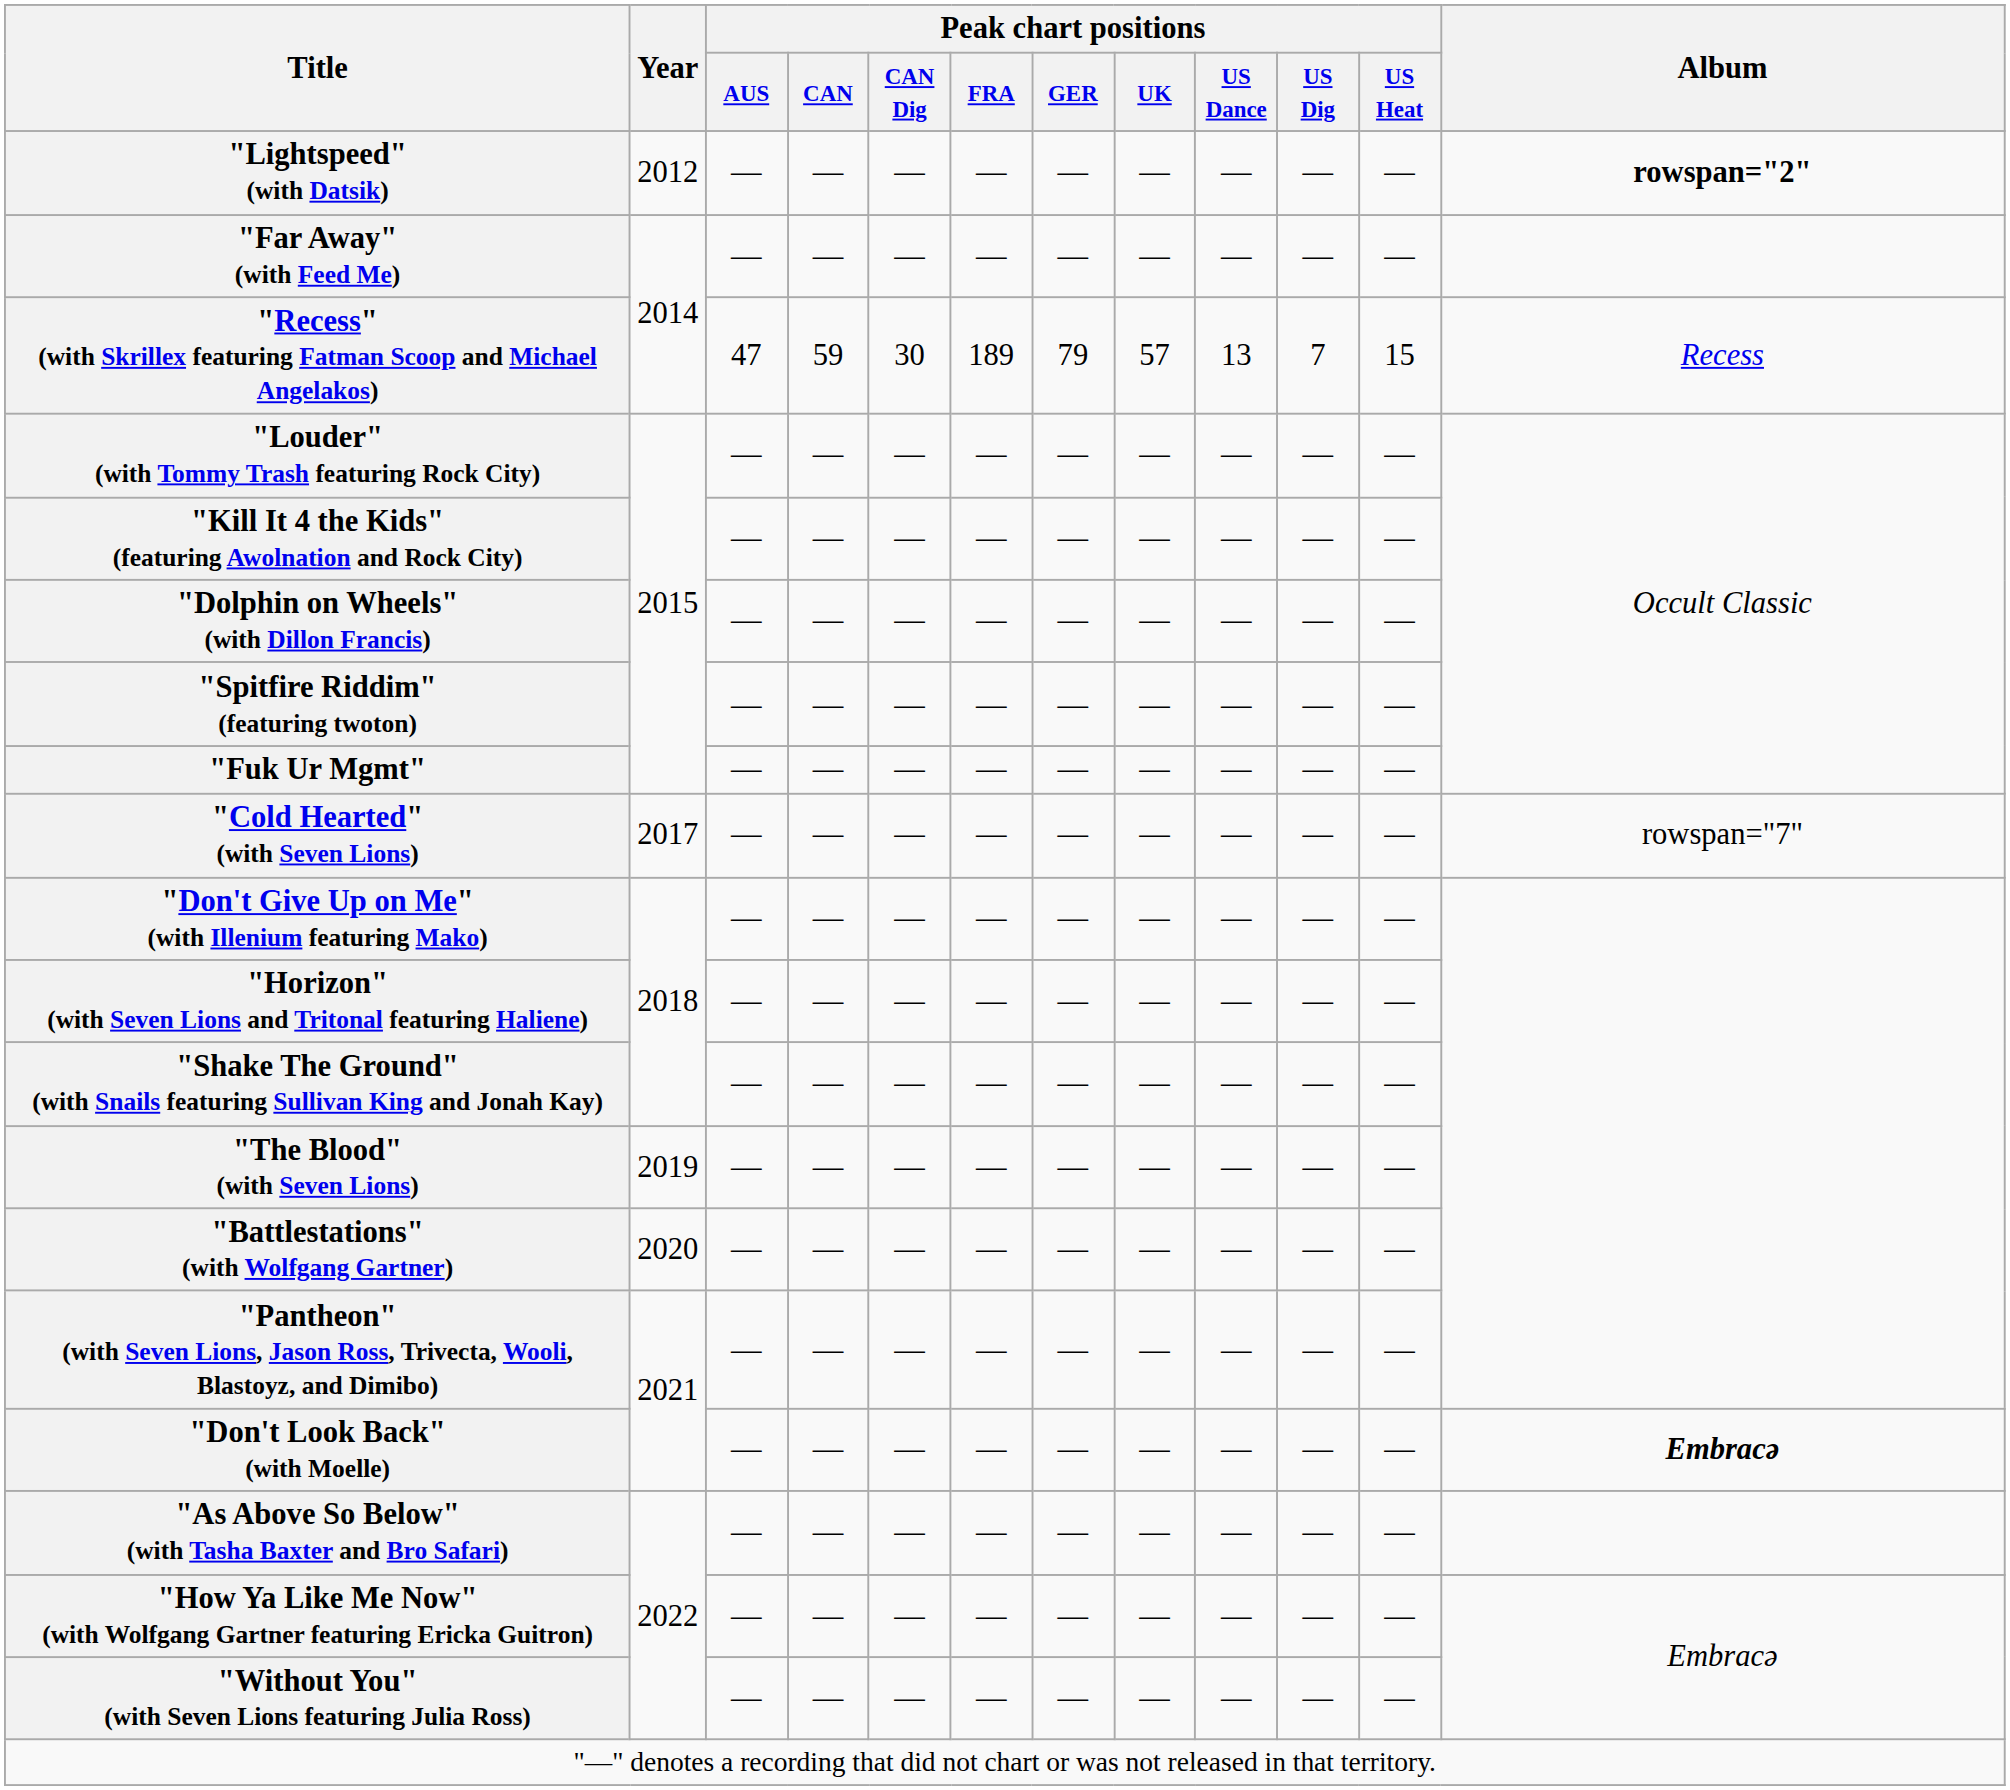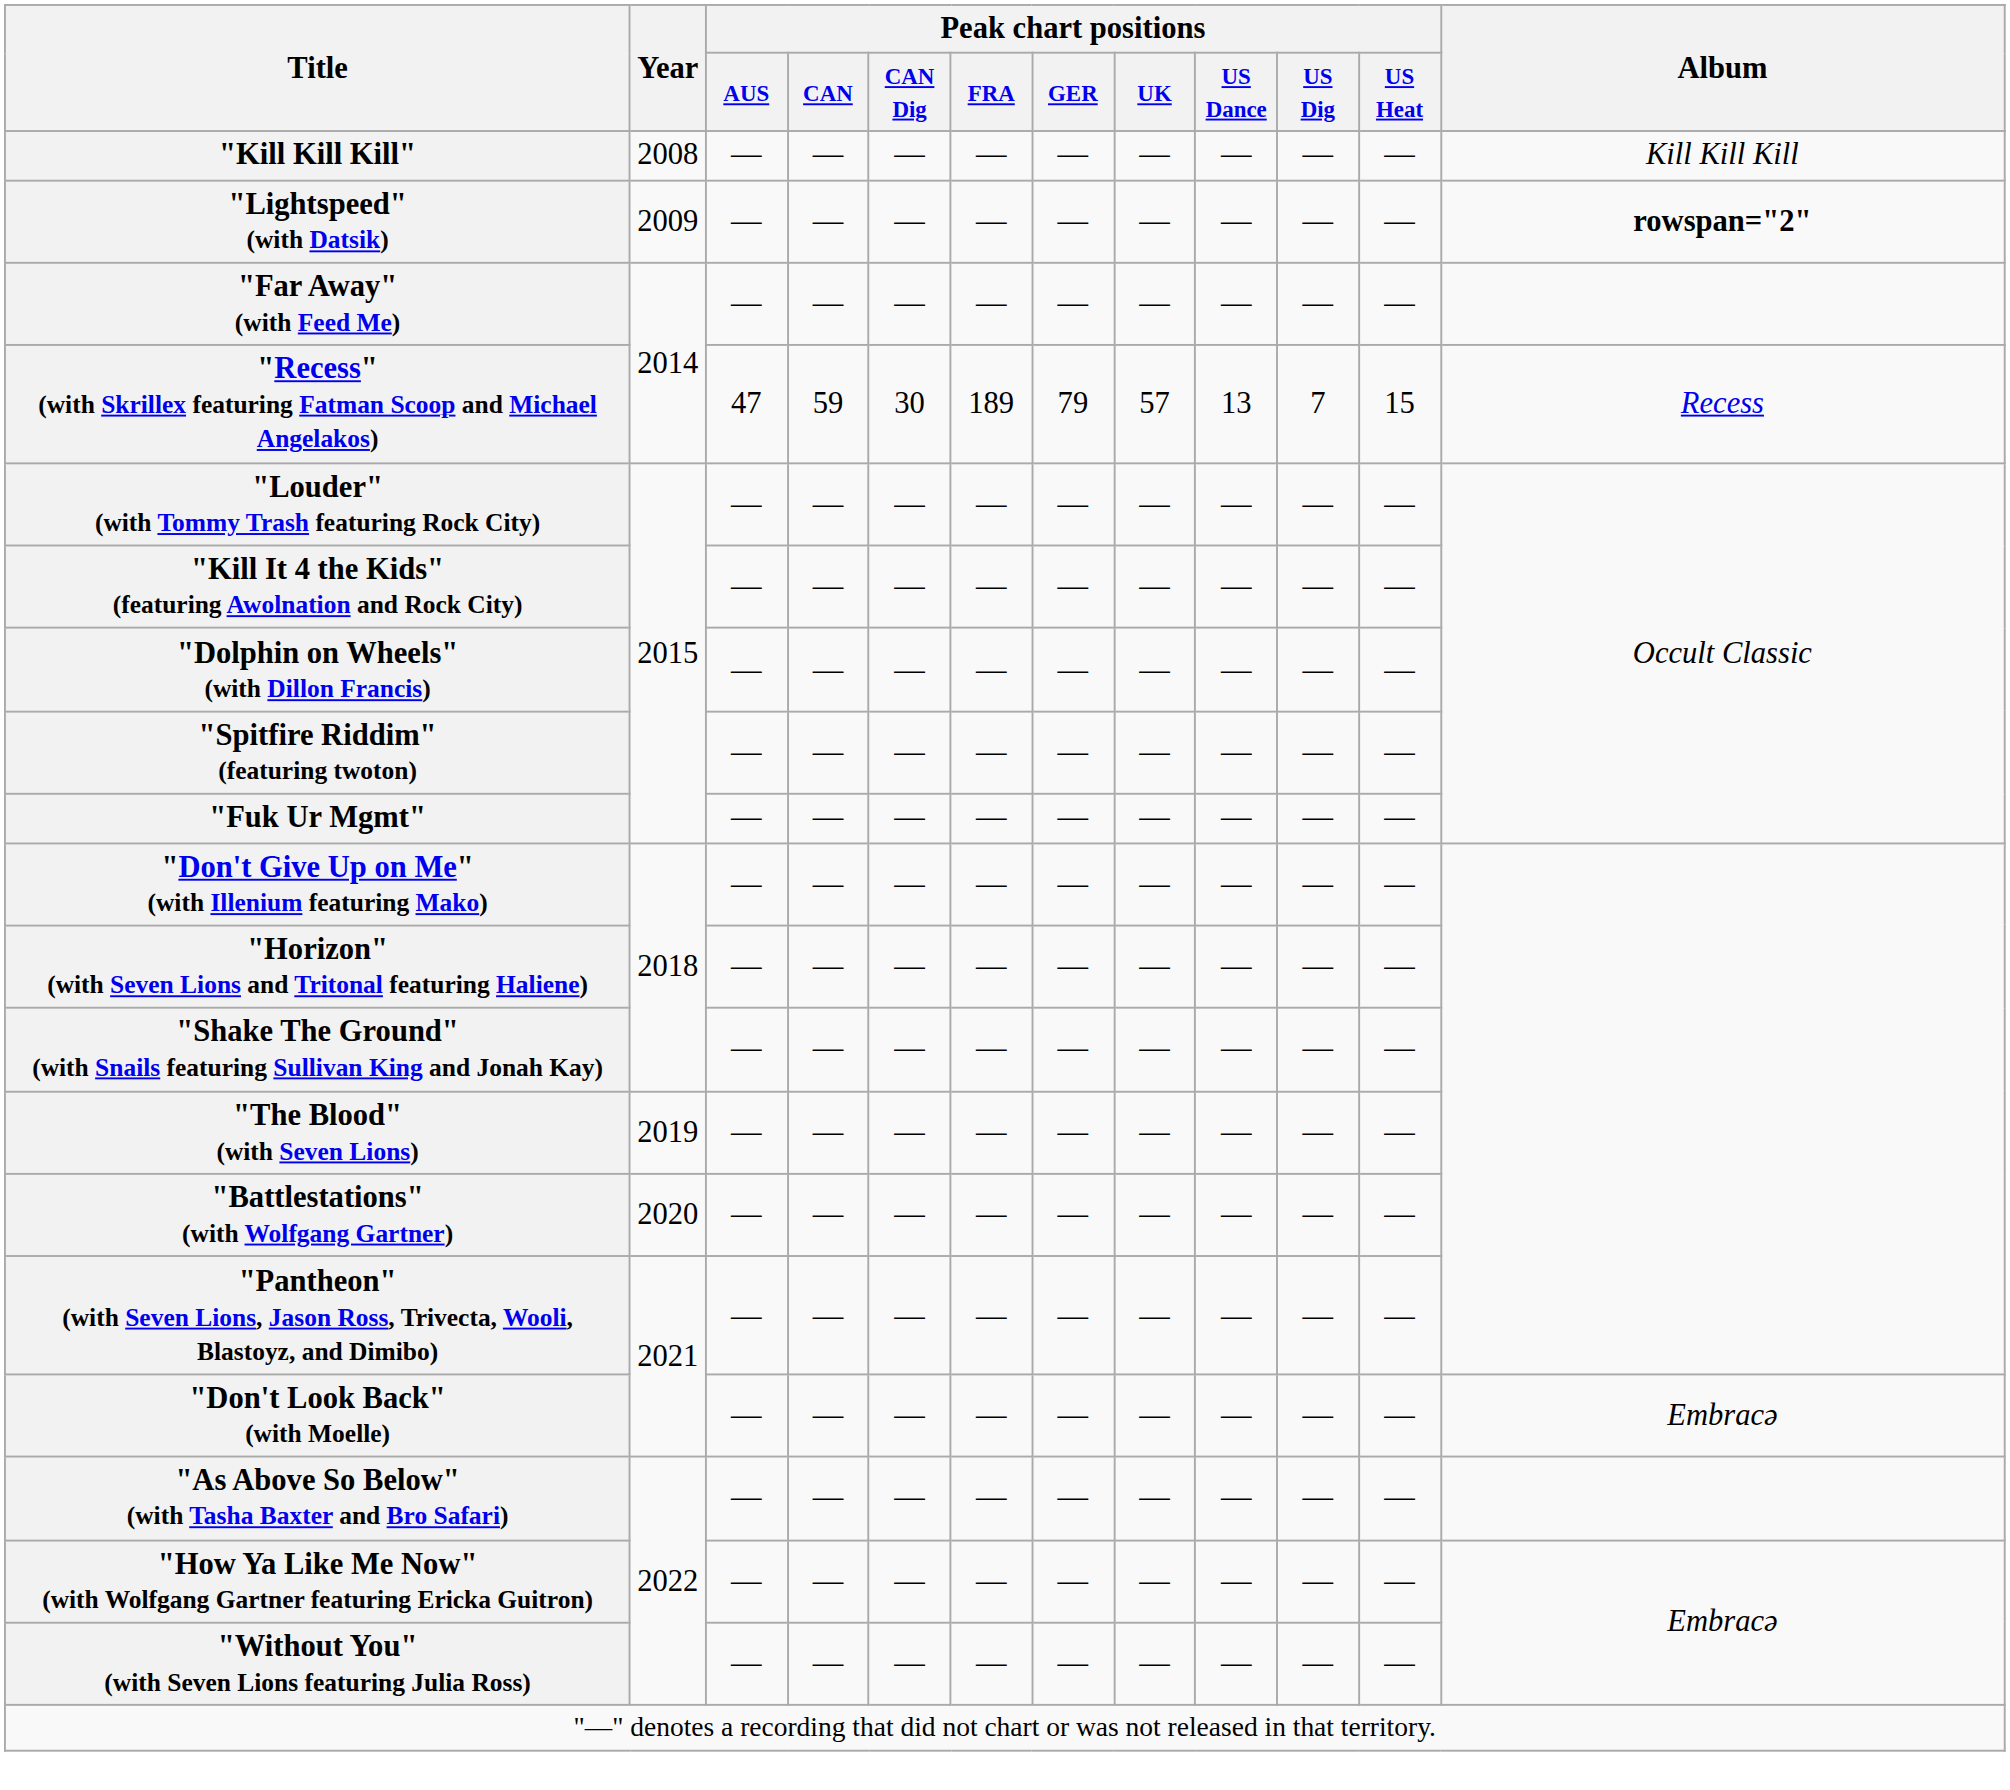 <table class="wikitable plainrowheaders" style="text-align:center;">
 <tr>
 <th scope="col" rowspan="2" style="width:20em;">Title</th>
 <th scope="col" rowspan="2" style="width:1em;">Year</th>
 <th scope="col" colspan="9">Peak chart positions</th>
 <th scope="col" rowspan="2" style="width:18em;">Album</th>
 </tr>
 <tr>
 <th scope="col" style="width:2.5em;font-size:90%;"><small><a href='#'>AUS</a></small> <br></th>
 <th scope="col" style="width:2.5em;font-size:90%;"><small><a href='#'>CAN</a></small> <br></th>
 <th scope="col" style="width:2.5em;font-size:90%;"><small><a href='#'>CAN<br>Dig</a></small> <br></th>
 <th scope="col" style="width:2.5em;font-size:90%;"><small><a href='#'>FRA</a></small> <br></th>
 <th scope="col" style="width:2.5em;font-size:90%;"><small><a href='#'>GER</a></small> <br></th>
 <th scope="col" style="width:2.5em;font-size:90%;"><small><a href='#'>UK</a></small> <br></th>
 <th scope="col" style="width:2.5em;font-size:90%;"><small><a href='#'>US<br>Dance</a></small> <br></th>
 <th scope="col" style="width:2.5em;font-size:90%;"><small><a href='#'>US<br>Dig</a></small> <br></th>
 <th scope="col" style="width:2.5em;font-size:90%;"><small><a href='#'>US<br>Heat</a></small> <br></th>
 </tr>
 <tr>
+<th scope="row">"Kill Kill Kill"</th>
+<td>2008</td>
+<td>—</td>
+<td>—</td>
+<td>—</td>
+<td>—</td>
+<td>—</td>
+<td>—</td>
+<td>—</td>
+<td>—</td>
+<td>—</td>
+<td><em>Kill Kill Kill</em></td>
+</tr>
+<tr>
 <th scope="row">"Lightspeed"<br><small>(with <a href='#'>Datsik</a>)</small></th>
-<td>2012</td>
+<td>2009</td>
 <td>—</td>
 <td>—</td>
 <td>—</td>
 <td>—</td>
 <td>—</td>
 <td>—</td>
 <td>—</td>
 <td>—</td>
 <td>—</td>
 <td><strong>rowspan="2" </strong></td>
 </tr>
 <tr>
 <th scope="row">"Far Away"<br><small>(with <a href='#'>Feed Me</a>)</small></th>
 <td rowspan="2">2014</td>
 <td>—</td>
 <td>—</td>
 <td>—</td>
 <td>—</td>
 <td>—</td>
 <td>—</td>
 <td>—</td>
 <td>—</td>
 <td>—</td>
 </tr>
 <tr>
 <th scope="row">"<a href='#'>Recess</a>"<br><small>(with <a href='#'>Skrillex</a> featuring <a href='#'>Fatman Scoop</a> and <a href='#'>Michael Angelakos</a>)</small></th>
 <td>47</td>
 <td>59</td>
 <td>30</td>
 <td>189</td>
 <td>79</td>
 <td>57</td>
 <td>13</td>
 <td>7</td>
 <td>15</td>
 <td><em><a href='#'>Recess</a></em></td>
 </tr>
 <tr>
 <th scope="row">"Louder"<br><small>(with <a href='#'>Tommy Trash</a> featuring Rock City)</small></th>
 <td rowspan="5">2015</td>
 <td>—</td>
 <td>—</td>
 <td>—</td>
 <td>—</td>
 <td>—</td>
 <td>—</td>
 <td>—</td>
 <td>—</td>
 <td>—</td>
 <td rowspan="5"><em>Occult Classic</em></td>
 </tr>
 <tr>
 <th scope="row">"Kill It 4 the Kids"<br><small>(featuring <a href='#'>Awolnation</a> and Rock City)</small></th>
 <td>—</td>
 <td>—</td>
 <td>—</td>
 <td>—</td>
 <td>—</td>
 <td>—</td>
 <td>—</td>
 <td>—</td>
 <td>—</td>
 </tr>
 <tr>
 <th scope="row">"Dolphin on Wheels"<br><small>(with <a href='#'>Dillon Francis</a>)</small></th>
 <td>—</td>
 <td>—</td>
 <td>—</td>
 <td>—</td>
 <td>—</td>
 <td>—</td>
 <td>—</td>
 <td>—</td>
 <td>—</td>
 </tr>
 <tr>
 <th scope="row">"Spitfire Riddim"<br><small>(featuring twoton)</small></th>
 <td>—</td>
 <td>—</td>
 <td>—</td>
 <td>—</td>
 <td>—</td>
 <td>—</td>
 <td>—</td>
 <td>—</td>
 <td>—</td>
 </tr>
 <tr>
 <th scope="row">"Fuk Ur Mgmt"</th>
 <td>—</td>
 <td>—</td>
 <td>—</td>
 <td>—</td>
 <td>—</td>
 <td>—</td>
 <td>—</td>
 <td>—</td>
 <td>—</td>
 </tr>
 <tr>
-<th scope="row">"<a href='#'>Cold Hearted</a>"<br><small>(with <a href='#'>Seven Lions</a>)</small></th>
-<td>2017</td>
-<td>—</td>
-<td>—</td>
-<td>—</td>
-<td>—</td>
-<td>—</td>
-<td>—</td>
-<td>—</td>
-<td>—</td>
-<td>—</td>
-<td>rowspan="7" </td>
-</tr>
-<tr>
 <th scope="row">"<a href='#'>Don't Give Up on Me</a>" <br><small>(with <a href='#'>Illenium</a> featuring <a href='#'>Mako</a>)</small></th>
 <td rowspan="3">2018</td>
 <td>—</td>
 <td>—</td>
 <td>—</td>
 <td>—</td>
 <td>—</td>
 <td>—</td>
 <td>—</td>
 <td>—</td>
 <td>—</td>
 </tr>
 <tr>
 <th scope="row">"Horizon" <br><small>(with <a href='#'>Seven Lions</a> and <a href='#'>Tritonal</a> featuring <a href='#'>Haliene</a>)</small></th>
 <td>—</td>
 <td>—</td>
 <td>—</td>
 <td>—</td>
 <td>—</td>
 <td>—</td>
 <td>—</td>
 <td>—</td>
 <td>—</td>
 </tr>
 <tr>
 <th scope="row">"Shake The Ground" <br><small>(with <a href='#'>Snails</a> featuring <a href='#'>Sullivan King</a> and Jonah Kay)</small></th>
 <td>—</td>
 <td>—</td>
 <td>—</td>
 <td>—</td>
 <td>—</td>
 <td>—</td>
 <td>—</td>
 <td>—</td>
 <td>—</td>
 </tr>
 <tr>
 <th scope="row">"The Blood" <br><small>(with <a href='#'>Seven Lions</a>)</small></th>
 <td>2019</td>
 <td>—</td>
 <td>—</td>
 <td>—</td>
 <td>—</td>
 <td>—</td>
 <td>—</td>
 <td>—</td>
 <td>—</td>
 <td>—</td>
 </tr>
 <tr>
 <th scope="row">"Battlestations" <br><small>(with <a href='#'>Wolfgang Gartner</a>)</small></th>
 <td>2020</td>
 <td>—</td>
 <td>—</td>
 <td>—</td>
 <td>—</td>
 <td>—</td>
 <td>—</td>
 <td>—</td>
 <td>—</td>
 <td>—</td>
 </tr>
 <tr>
 <th scope="row">"Pantheon" <br><small>(with <a href='#'>Seven Lions</a>, <a href='#'>Jason Ross</a>, Trivecta, <a href='#'>Wooli</a>, Blastoyz, and Dimibo)</small></th>
 <td rowspan="2">2021</td>
 <td>—</td>
 <td>—</td>
 <td>—</td>
 <td>—</td>
 <td>—</td>
 <td>—</td>
 <td>—</td>
 <td>—</td>
 <td>—</td>
 </tr>
 <tr>
 <th scope="row">"Don't Look Back" <br><small>(with Moelle)</small></th>
 <td>—</td>
 <td>—</td>
 <td>—</td>
 <td>—</td>
 <td>—</td>
 <td>—</td>
 <td>—</td>
 <td>—</td>
 <td>—</td>
-<td><strong><em>Embracǝ</em></strong></td>
+<td><em>Embracǝ</em></td>
 </tr>
 <tr>
 <th scope="row">"As Above So Below" <br><small>(with <a href='#'>Tasha Baxter</a> and <a href='#'>Bro Safari</a>)</small></th>
 <td rowspan="3">2022</td>
 <td>—</td>
 <td>—</td>
 <td>—</td>
 <td>—</td>
 <td>—</td>
 <td>—</td>
 <td>—</td>
 <td>—</td>
 <td>—</td>
 <td></td>
 </tr>
 <tr>
 <th scope="row">"How Ya Like Me Now" <br><small>(with Wolfgang Gartner featuring Ericka Guitron)</small></th>
 <td>—</td>
 <td>—</td>
 <td>—</td>
 <td>—</td>
 <td>—</td>
 <td>—</td>
 <td>—</td>
 <td>—</td>
 <td>—</td>
 <td rowspan="2"><em>Embracǝ</em></td>
 </tr>
 <tr>
 <th scope="row">"Without You" <br><small>(with Seven Lions featuring Julia Ross)</small></th>
 <td>—</td>
 <td>—</td>
 <td>—</td>
 <td>—</td>
 <td>—</td>
 <td>—</td>
 <td>—</td>
 <td>—</td>
 <td>—</td>
 </tr>
 <tr>
 <td colspan="12" style="font-size:90%">"—" denotes a recording that did not chart or was not released in that territory.</td>
 </tr>
 </table>
